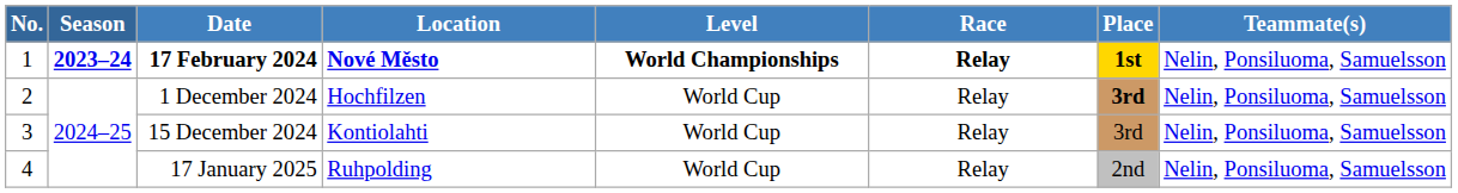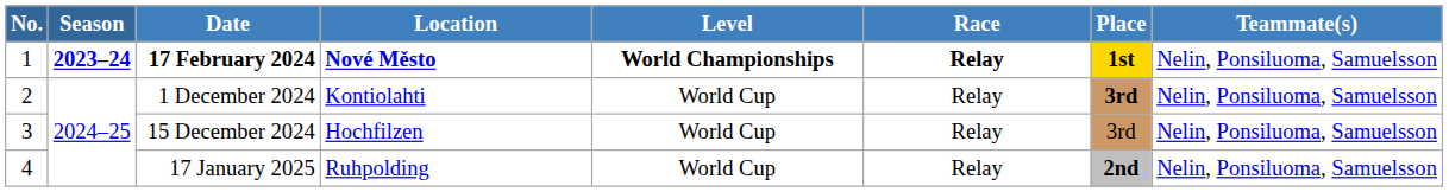 <table class="wikitable sortable" style="font-size:95%; text-align:center; border:grey solid 1px; border-collapse:collapse; background:#ffffff;">
 <tr style="background:#efefef;">
 <th style="background-color:#369; color:white;">No.</th>
 <th style="background-color:#369; color:white;">Season</th>
 <th style="background-color:#4180be; color:white; width:120px;">Date</th>
 <th style="background-color:#4180be; color:white; width:180px;">Location</th>
 <th style="background-color:#4180be; color:white; width:180px;">Level</th>
 <th style="background-color:#4180be; color:white; width:150px;">Race</th>
 <th style="background-color:#4180be; color:white;">Place</th>
 <th style="background-color:#4180be; color:white;">Teammate(s)</th>
 </tr>
 <tr>
 <td align=center>1</td>
 <td><strong><a href='#'>2023–24</a></strong></td>
 <td align=right><strong>17 February 2024</strong></td>
 <td align=left> <strong><a href='#'>Nové Město</a></strong></td>
 <td><strong>World Championships</strong></td>
 <td><strong>Relay</strong></td>
 <td align=center bgcolor="gold"><strong>1st</strong></td>
 <td><a href='#'>Nelin</a>, <a href='#'>Ponsiluoma</a>, <a href='#'>Samuelsson</a></td>
 </tr>
 <tr>
 <td align=center>2</td>
 <td rowspan=3><a href='#'>2024–25</a></td>
 <td align=right>1 December 2024</td>
-<td align=left> <a href='#'>Hochfilzen</a></td>
+<td align=left> <a href='#'>Kontiolahti</a></td>
 <td>World Cup</td>
 <td>Relay</td>
 <td align=center bgcolor="cc9966"><strong>3rd</strong></td>
 <td><a href='#'>Nelin</a>, <a href='#'>Ponsiluoma</a>, <a href='#'>Samuelsson</a></td>
 </tr>
 <tr>
 <td align=center>3</td>
 <td align=right>15 December 2024</td>
-<td align=left> <a href='#'>Kontiolahti</a></td>
+<td align=left> <a href='#'>Hochfilzen</a></td>
 <td>World Cup</td>
 <td>Relay</td>
 <td align=center bgcolor="cc9966">3rd</td>
 <td><a href='#'>Nelin</a>, <a href='#'>Ponsiluoma</a>, <a href='#'>Samuelsson</a></td>
 </tr>
 <tr>
 <td align=center>4</td>
 <td align=right>17 January 2025</td>
 <td align=left> <a href='#'>Ruhpolding</a></td>
 <td>World Cup</td>
 <td>Relay</td>
-<td align=center bgcolor="silver">2nd</td>
+<td align=center bgcolor="silver"><strong>2nd</strong></td>
 <td><a href='#'>Nelin</a>, <a href='#'>Ponsiluoma</a>, <a href='#'>Samuelsson</a></td>
 </tr>
 </table>
